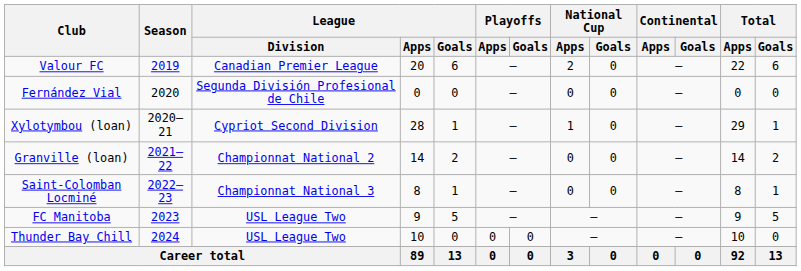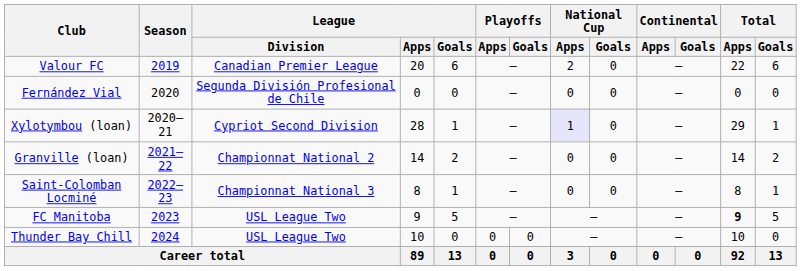 <table class="wikitable" style="text-align:center">
 <tr>
 <th rowspan="2">Club</th>
 <th rowspan="2">Season</th>
 <th colspan="3">League</th>
 <th colspan="2">Playoffs</th>
 <th colspan="2">National Cup</th>
 <th colspan="2">Continental</th>
 <th colspan="2">Total</th>
 </tr>
 <tr>
 <th>Division</th>
 <th>Apps</th>
 <th>Goals</th>
 <th>Apps</th>
 <th>Goals</th>
 <th>Apps</th>
 <th>Goals</th>
 <th>Apps</th>
 <th>Goals</th>
 <th>Apps</th>
 <th>Goals</th>
 </tr>
 <tr>
 <td><a href='#'>Valour FC</a></td>
 <td><a href='#'>2019</a></td>
 <td><a href='#'>Canadian Premier League</a></td>
 <td>20</td>
 <td>6</td>
 <td colspan="2">—</td>
 <td>2</td>
 <td>0</td>
 <td colspan="2">—</td>
 <td>22</td>
 <td>6</td>
 </tr>
 <tr>
 <td><a href='#'>Fernández Vial</a></td>
 <td>2020</td>
 <td><a href='#'>Segunda División Profesional de Chile</a></td>
 <td>0</td>
 <td>0</td>
 <td colspan="2">—</td>
 <td>0</td>
 <td>0</td>
 <td colspan="2">—</td>
 <td>0</td>
 <td>0</td>
 </tr>
 <tr>
 <td><a href='#'>Xylotymbou</a> (loan)</td>
 <td>2020–21</td>
 <td><a href='#'>Cypriot Second Division</a></td>
 <td>28</td>
 <td>1</td>
 <td colspan="2">—</td>
-<td>1</td>
+<td style="background: lavender;">1</td>
 <td>0</td>
 <td colspan="2">—</td>
 <td>29</td>
 <td>1</td>
 </tr>
 <tr>
 <td><a href='#'>Granville</a> (loan)</td>
 <td><a href='#'>2021–22</a></td>
 <td><a href='#'>Championnat National 2</a></td>
 <td>14</td>
 <td>2</td>
 <td colspan="2">—</td>
 <td>0</td>
 <td>0</td>
 <td colspan="2">—</td>
 <td>14</td>
 <td>2</td>
 </tr>
 <tr>
 <td><a href='#'>Saint-Colomban Locminé</a></td>
 <td><a href='#'>2022–23</a></td>
 <td><a href='#'>Championnat National 3</a></td>
 <td>8</td>
 <td>1</td>
 <td colspan="2">—</td>
 <td>0</td>
 <td>0</td>
 <td colspan="2">—</td>
 <td>8</td>
 <td>1</td>
 </tr>
 <tr>
 <td><a href='#'>FC Manitoba</a></td>
 <td><a href='#'>2023</a></td>
 <td><a href='#'>USL League Two</a></td>
 <td>9</td>
 <td>5</td>
 <td colspan="2">—</td>
 <td colspan="2">—</td>
 <td colspan="2">—</td>
-<td>9</td>
+<td><strong>9</strong></td>
 <td>5</td>
 </tr>
 <tr>
 <td><a href='#'>Thunder Bay Chill</a></td>
 <td><a href='#'>2024</a></td>
 <td><a href='#'>USL League Two</a></td>
 <td>10</td>
 <td>0</td>
 <td>0</td>
 <td>0</td>
 <td colspan="2">—</td>
 <td colspan="2">—</td>
 <td>10</td>
 <td>0</td>
 </tr>
 <tr>
 <th colspan="3">Career total</th>
 <th>89</th>
 <th>13</th>
 <th>0</th>
 <th>0</th>
 <th>3</th>
 <th>0</th>
 <th>0</th>
 <th>0</th>
 <th>92</th>
 <th>13</th>
 </tr>
 </table>
